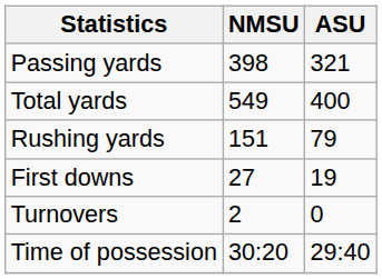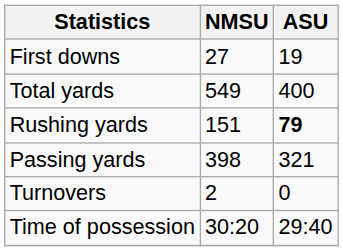 <table class="wikitable" style="float: left;">
 <tr>
 <th>Statistics</th>
 <th>NMSU</th>
 <th>ASU</th>
 </tr>
 <tr>
-<td>Passing yards</td>
-<td>398</td>
-<td>321</td>
+<td>First downs</td>
+<td>27</td>
+<td>19</td>
 </tr>
 <tr>
 <td>Total yards</td>
 <td>549</td>
 <td>400</td>
 </tr>
 <tr>
 <td>Rushing yards</td>
 <td>151</td>
-<td>79</td>
+<td><strong>79</strong></td>
 </tr>
 <tr>
-<td>First downs</td>
-<td>27</td>
-<td>19</td>
+<td>Passing yards</td>
+<td>398</td>
+<td>321</td>
 </tr>
 <tr>
 <td>Turnovers</td>
 <td>2</td>
 <td>0</td>
 </tr>
 <tr>
 <td>Time of possession</td>
 <td>30:20</td>
 <td>29:40</td>
 </tr>
 <tr>
 </tr>
 </table>
